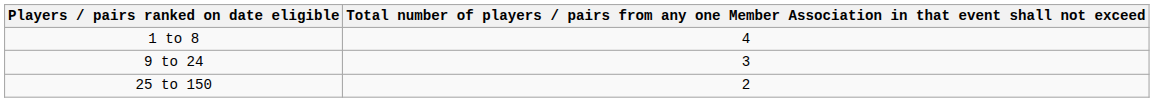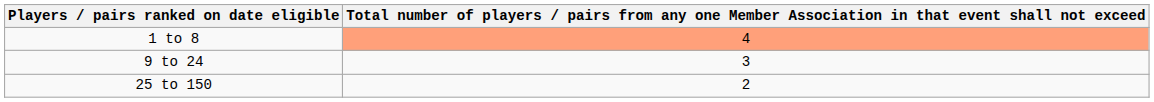 <table class="wikitable" style="text-align:center">
 <tr>
 <th>Players / pairs ranked on date eligible</th>
 <th>Total number of players / pairs from any one Member Association in that event shall not exceed</th>
 </tr>
 <tr>
 <td>1 to 8</td>
-<td>4</td>
+<td style="background: lightsalmon;">4</td>
 </tr>
 <tr>
 <td>9 to 24</td>
 <td>3</td>
 </tr>
 <tr>
 <td>25 to 150</td>
 <td>2</td>
 </tr>
 </table>
